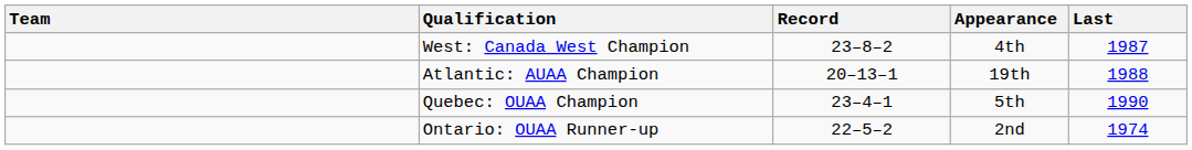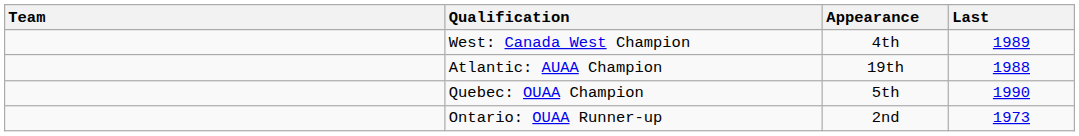 <table class="wikitable sortable" style="text-align: center;" width=900>
 <tr style="background:#efefef; text-align:center">
 <th style="text-align:left" width=35%>Team</th>
 <th style="text-align:left" width=30%>Qualification</th>
-<th style="text-align:left" width=15%>Record</th>
 <th style="text-align:left" width=10%>Appearance</th>
 <th style="text-align:left" width=10%>Last</th>
 </tr>
 <tr style="text-align:center">
 <td style="text-align:left; "><a href='#'></a></td>
 <td style="text-align:left">West: <a href='#'>Canada West</a> Champion</td>
-<td style="text-align:center">23–8–2</td>
 <td style="text-align:center">4th</td>
-<td style="text-align:center"><a href='#'>1987</a></td>
+<td style="text-align:center"><a href='#'>1989</a></td>
 </tr>
 <tr style="text-align:center">
 <td style="text-align:left; "><a href='#'></a></td>
 <td style="text-align:left">Atlantic: <a href='#'>AUAA</a> Champion</td>
-<td style="text-align:center">20–13–1</td>
 <td style="text-align:center">19th</td>
 <td style="text-align:center"><a href='#'>1988</a></td>
 </tr>
 <tr style="text-align:center">
 <td style="text-align:left; "><a href='#'></a></td>
 <td style="text-align:left">Quebec: <a href='#'>OUAA</a> Champion</td>
-<td style="text-align:center">23–4–1</td>
 <td style="text-align:center">5th</td>
 <td style="text-align:center"><a href='#'>1990</a></td>
 </tr>
 <tr style="text-align:center">
 <td style="text-align:left; "><a href='#'></a></td>
 <td style="text-align:left">Ontario: <a href='#'>OUAA</a> Runner-up</td>
-<td style="text-align:center">22–5–2</td>
 <td style="text-align:center">2nd</td>
-<td style="text-align:center"><a href='#'>1974</a></td>
+<td style="text-align:center"><a href='#'>1973</a></td>
 </tr>
 </table>
